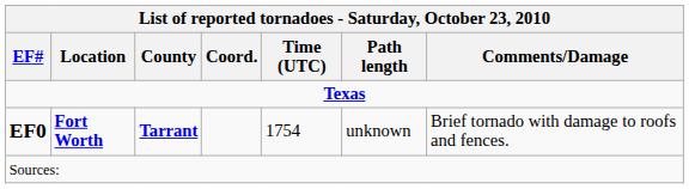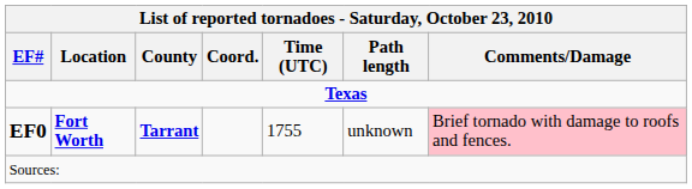 <table class="wikitable collapsible" width="100%">
 <tr>
 <th colspan="7">List of reported tornadoes - Saturday, October 23, 2010</th>
 </tr>
 <tr>
 <th><a href='#'>EF#</a></th>
 <th>Location</th>
 <th>County</th>
 <th>Coord.</th>
 <th>Time (UTC)</th>
 <th>Path length</th>
 <th>Comments/Damage</th>
 </tr>
 <tr>
 <td colspan="7" align=center><strong><a href='#'>Texas</a></strong></td>
 </tr>
 <tr>
 <td><big><strong>EF0</strong></big></td>
 <td><strong><a href='#'>Fort Worth</a></strong></td>
 <td><strong><a href='#'>Tarrant</a></strong></td>
 <td></td>
-<td>1754</td>
+<td>1755</td>
 <td>unknown</td>
-<td>Brief tornado with damage to roofs and fences.</td>
+<td style="background: pink;">Brief tornado with damage to roofs and fences.</td>
 </tr>
 <tr>
 <td colspan="7"><small>Sources:  </small></td>
 </tr>
 </table>
